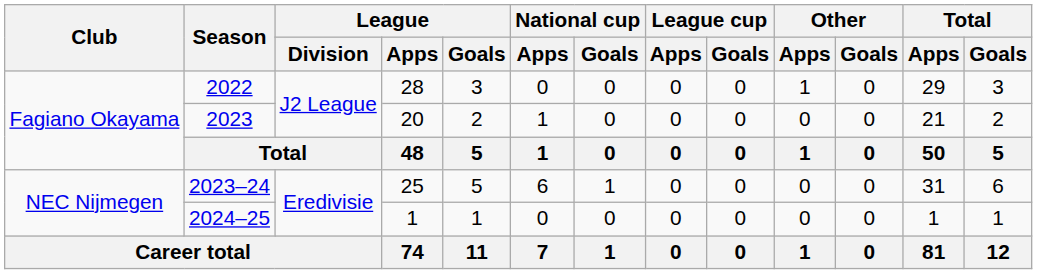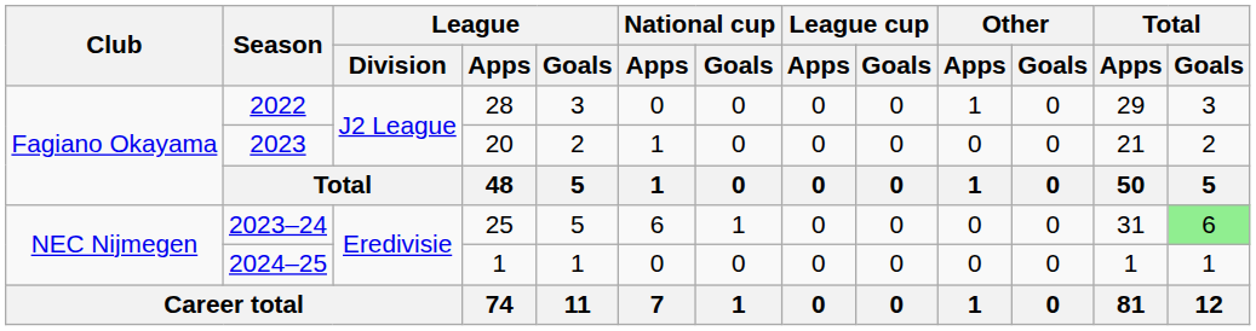 <table class="wikitable" style="text-align:center">
 <tr>
 <th rowspan="2">Club</th>
 <th rowspan="2">Season</th>
 <th colspan="3">League</th>
 <th colspan="2">National cup</th>
 <th colspan="2">League cup</th>
 <th colspan="2">Other</th>
 <th colspan="2">Total</th>
 </tr>
 <tr>
 <th>Division</th>
 <th>Apps</th>
 <th>Goals</th>
 <th>Apps</th>
 <th>Goals</th>
 <th>Apps</th>
 <th>Goals</th>
 <th>Apps</th>
 <th>Goals</th>
 <th>Apps</th>
 <th>Goals</th>
 </tr>
 <tr>
 <td rowspan="3"><a href='#'>Fagiano Okayama</a></td>
 <td><a href='#'>2022</a></td>
 <td rowspan="2"><a href='#'>J2 League</a></td>
 <td>28</td>
 <td>3</td>
 <td>0</td>
 <td>0</td>
 <td>0</td>
 <td>0</td>
 <td>1</td>
 <td>0</td>
 <td>29</td>
 <td>3</td>
 </tr>
 <tr>
 <td><a href='#'>2023</a></td>
 <td>20</td>
 <td>2</td>
 <td>1</td>
 <td>0</td>
 <td>0</td>
 <td>0</td>
 <td>0</td>
 <td>0</td>
 <td>21</td>
 <td>2</td>
 </tr>
 <tr>
 <th colspan="2">Total</th>
 <th>48</th>
 <th>5</th>
 <th>1</th>
 <th>0</th>
 <th>0</th>
 <th>0</th>
 <th>1</th>
 <th>0</th>
 <th>50</th>
 <th>5</th>
 </tr>
 <tr>
 <td rowspan="2"><a href='#'>NEC Nijmegen</a></td>
 <td><a href='#'>2023–24</a></td>
 <td rowspan="2"><a href='#'>Eredivisie</a></td>
 <td>25</td>
 <td>5</td>
 <td>6</td>
 <td>1</td>
 <td>0</td>
 <td>0</td>
 <td>0</td>
 <td>0</td>
 <td>31</td>
-<td>6</td>
+<td style="background: lightgreen;">6</td>
 </tr>
 <tr>
 <td><a href='#'>2024–25</a></td>
 <td>1</td>
 <td>1</td>
 <td>0</td>
 <td>0</td>
 <td>0</td>
 <td>0</td>
 <td>0</td>
 <td>0</td>
 <td>1</td>
 <td>1</td>
 </tr>
 <tr>
 <th colspan="3">Career total</th>
 <th>74</th>
 <th>11</th>
 <th>7</th>
 <th>1</th>
 <th>0</th>
 <th>0</th>
 <th>1</th>
 <th>0</th>
 <th>81</th>
 <th>12</th>
 </tr>
 </table>
